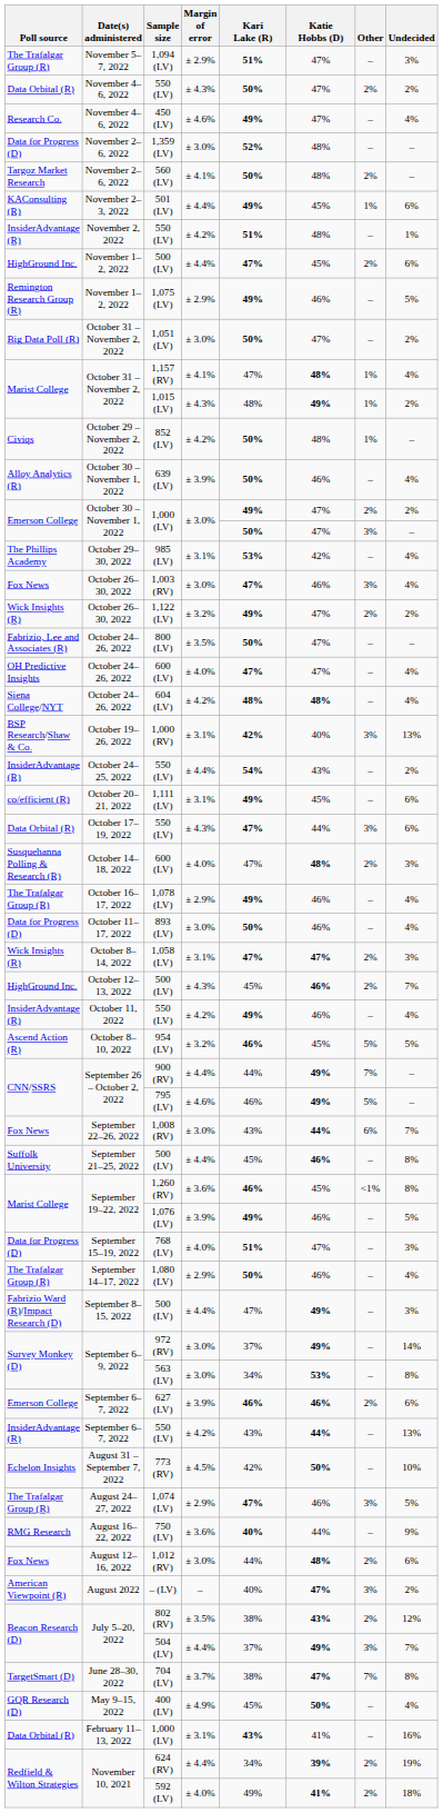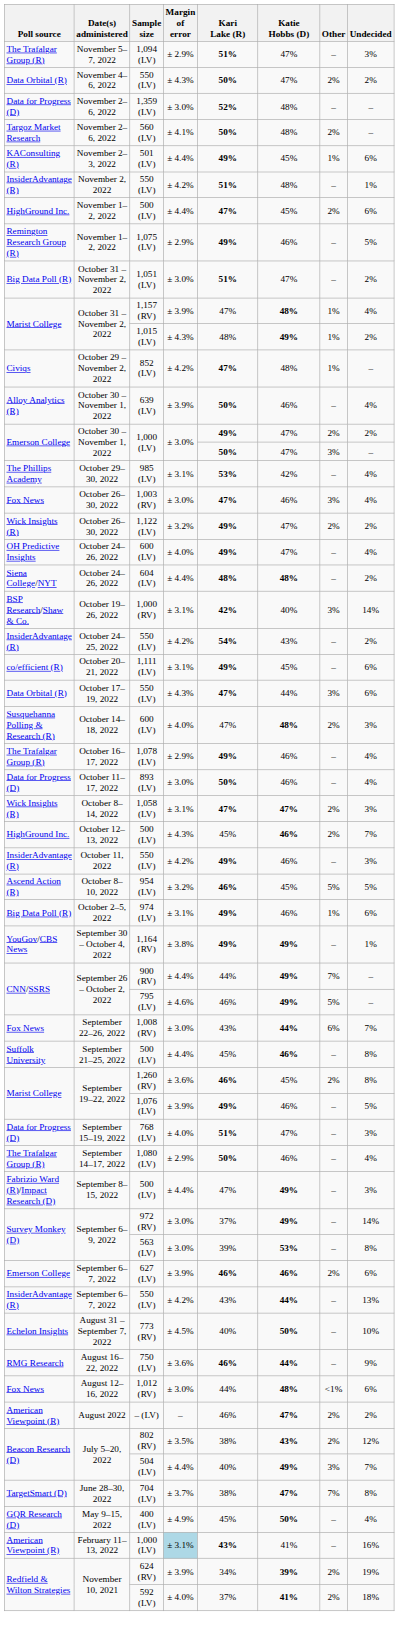 <table class="wikitable" style="font-size:90%;text-align:center;">
 <tr valign=bottom>
 <th>Poll source</th>
 <th>Date(s)<br>administered</th>
 <th>Sample<br>size</th>
 <th>Margin<br>of error</th>
 <th style="width:100px;">Kari<br>Lake (R)</th>
 <th style="width:100px;">Katie<br>Hobbs (D)</th>
 <th>Other</th>
 <th>Undecided</th>
 </tr>
 <tr>
 <td style="text-align:left;"><a href='#'>The Trafalgar Group (R)</a></td>
 <td>November 5–7, 2022</td>
 <td>1,094 (LV)</td>
 <td>± 2.9%</td>
 <td><strong>51%</strong></td>
 <td>47%</td>
 <td>–</td>
 <td>3%</td>
 </tr>
 <tr>
 <td style="text-align:left;"><a href='#'>Data Orbital (R)</a></td>
 <td>November 4–6, 2022</td>
 <td>550 (LV)</td>
 <td>± 4.3%</td>
 <td><strong>50%</strong></td>
 <td>47%</td>
 <td>2%</td>
 <td>2%</td>
-</tr>
-<tr>
-<td style="text-align:left;"><a href='#'>Research Co.</a></td>
-<td>November 4–6, 2022</td>
-<td>450 (LV)</td>
-<td>± 4.6%</td>
-<td><strong>49%</strong></td>
-<td>47%</td>
-<td>–</td>
-<td>4%</td>
 </tr>
 <tr>
 <td style="text-align:left;"><a href='#'>Data for Progress (D)</a></td>
 <td>November 2–6, 2022</td>
 <td>1,359 (LV)</td>
 <td>± 3.0%</td>
 <td><strong>52%</strong></td>
 <td>48%</td>
 <td>–</td>
 <td>–</td>
 </tr>
 <tr>
 <td style="text-align:left;"><a href='#'>Targoz Market Research</a></td>
 <td>November 2–6, 2022</td>
 <td>560 (LV)</td>
 <td>± 4.1%</td>
 <td><strong>50%</strong></td>
 <td>48%</td>
 <td>2%</td>
 <td>–</td>
 </tr>
 <tr>
 <td style="text-align:left;"><a href='#'>KAConsulting (R)</a></td>
 <td>November 2–3, 2022</td>
 <td>501 (LV)</td>
 <td>± 4.4%</td>
 <td><strong>49%</strong></td>
 <td>45%</td>
 <td>1%</td>
 <td>6%</td>
 </tr>
 <tr>
 <td style="text-align:left;"><a href='#'>InsiderAdvantage (R)</a></td>
 <td>November 2, 2022</td>
 <td>550 (LV)</td>
 <td>± 4.2%</td>
 <td><strong>51%</strong></td>
 <td>48%</td>
 <td>–</td>
 <td>1%</td>
 </tr>
 <tr>
 <td style="text-align:left;"><a href='#'>HighGround Inc.</a></td>
 <td>November 1–2, 2022</td>
 <td>500 (LV)</td>
 <td>± 4.4%</td>
 <td><strong>47%</strong></td>
 <td>45%</td>
 <td>2%</td>
 <td>6%</td>
 </tr>
 <tr>
 <td style="text-align:left;"><a href='#'>Remington Research Group (R)</a></td>
 <td>November 1–2, 2022</td>
 <td>1,075 (LV)</td>
 <td>± 2.9%</td>
 <td><strong>49%</strong></td>
 <td>46%</td>
 <td>–</td>
 <td>5%</td>
 </tr>
 <tr>
 <td style="text-align:left;"><a href='#'>Big Data Poll (R)</a></td>
 <td>October 31 – November 2, 2022</td>
 <td>1,051 (LV)</td>
 <td>± 3.0%</td>
-<td><strong>50%</strong></td>
+<td><strong>51%</strong></td>
 <td>47%</td>
 <td>–</td>
 <td>2%</td>
 </tr>
 <tr>
 <td style="text-align:left;" rowspan="2"><a href='#'>Marist College</a></td>
 <td rowspan="2">October 31 – November 2, 2022</td>
 <td>1,157 (RV)</td>
-<td>± 4.1%</td>
+<td>± 3.9%</td>
 <td>47%</td>
 <td><strong>48%</strong></td>
 <td>1%</td>
 <td>4%</td>
 </tr>
 <tr>
 <td>1,015 (LV)</td>
 <td>± 4.3%</td>
 <td>48%</td>
 <td><strong>49%</strong></td>
 <td>1%</td>
 <td>2%</td>
 </tr>
 <tr>
 <td style="text-align:left;"><a href='#'>Civiqs</a></td>
 <td>October 29 – November 2, 2022</td>
 <td>852 (LV)</td>
 <td>± 4.2%</td>
-<td><strong>50%</strong></td>
+<td><strong>47%</strong></td>
 <td>48%</td>
 <td>1%</td>
 <td>–</td>
 </tr>
 <tr>
 <td style="text-align:left;"><a href='#'>Alloy Analytics (R)</a></td>
 <td>October 30 – November 1, 2022</td>
 <td>639 (LV)</td>
 <td>± 3.9%</td>
 <td><strong>50%</strong></td>
 <td>46%</td>
 <td>–</td>
 <td>4%</td>
 </tr>
 <tr>
 <td style="text-align:left;" rowspan="2"><a href='#'>Emerson College</a></td>
 <td rowspan="2">October 30 – November 1, 2022</td>
 <td rowspan="2">1,000 (LV)</td>
 <td rowspan="2">± 3.0%</td>
 <td><strong>49%</strong></td>
 <td>47%</td>
 <td>2%</td>
 <td>2%</td>
 </tr>
 <tr>
 <td><strong>50%</strong></td>
 <td>47%</td>
 <td>3%</td>
 <td>–</td>
 </tr>
 <tr>
 <td style="text-align:left;"><a href='#'>The Phillips Academy</a></td>
 <td>October 29–30, 2022</td>
 <td>985 (LV)</td>
 <td>± 3.1%</td>
 <td><strong>53%</strong></td>
 <td>42%</td>
 <td>–</td>
 <td>4%</td>
 </tr>
 <tr>
 <td style="text-align:left;"><a href='#'>Fox News</a></td>
 <td>October 26–30, 2022</td>
 <td>1,003 (RV)</td>
 <td>± 3.0%</td>
 <td><strong>47%</strong></td>
 <td>46%</td>
 <td>3%</td>
 <td>4%</td>
 </tr>
 <tr>
 <td style="text-align:left;"><a href='#'>Wick Insights (R)</a></td>
 <td>October 26–30, 2022</td>
 <td>1,122 (LV)</td>
 <td>± 3.2%</td>
 <td><strong>49%</strong></td>
 <td>47%</td>
 <td>2%</td>
 <td>2%</td>
 </tr>
 <tr>
-<td style="text-align:left;"><a href='#'>Fabrizio, Lee and Associates (R)</a></td>
-<td>October 24–26, 2022</td>
-<td>800 (LV)</td>
-<td>± 3.5%</td>
-<td><strong>50%</strong></td>
-<td>47%</td>
-<td>–</td>
-<td>–</td>
-</tr>
-<tr>
 <td style="text-align:left;"><a href='#'>OH Predictive Insights</a></td>
 <td>October 24–26, 2022</td>
 <td>600 (LV)</td>
 <td>± 4.0%</td>
-<td><strong>47%</strong></td>
+<td><strong>49%</strong></td>
 <td>47%</td>
 <td>–</td>
 <td>4%</td>
 </tr>
 <tr>
 <td style="text-align:left;"><a href='#'>Siena College</a>/<a href='#'>NYT</a></td>
 <td>October 24–26, 2022</td>
 <td>604 (LV)</td>
-<td>± 4.2%</td>
+<td>± 4.4%</td>
 <td><strong>48%</strong></td>
 <td><strong>48%</strong></td>
 <td>–</td>
-<td>4%</td>
+<td>2%</td>
 </tr>
 <tr>
 <td style="text-align:left;"><a href='#'>BSP Research</a>/<a href='#'>Shaw & Co.</a></td>
 <td>October 19–26, 2022</td>
 <td>1,000 (RV)</td>
 <td>± 3.1%</td>
 <td><strong>42%</strong></td>
 <td>40%</td>
 <td>3%</td>
-<td>13%</td>
+<td>14%</td>
 </tr>
 <tr>
 <td style="text-align:left;"><a href='#'>InsiderAdvantage (R)</a></td>
 <td>October 24–25, 2022</td>
 <td>550 (LV)</td>
-<td>± 4.4%</td>
+<td>± 4.2%</td>
 <td><strong>54%</strong></td>
 <td>43%</td>
 <td>–</td>
 <td>2%</td>
 </tr>
 <tr>
 <td style="text-align:left;"><a href='#'>co/efficient (R)</a></td>
 <td>October 20–21, 2022</td>
 <td>1,111 (LV)</td>
 <td>± 3.1%</td>
 <td><strong>49%</strong></td>
 <td>45%</td>
 <td>–</td>
 <td>6%</td>
 </tr>
 <tr>
 <td style="text-align:left;"><a href='#'>Data Orbital (R)</a></td>
 <td>October 17–19, 2022</td>
 <td>550 (LV)</td>
 <td>± 4.3%</td>
 <td><strong>47%</strong></td>
 <td>44%</td>
 <td>3%</td>
 <td>6%</td>
 </tr>
 <tr>
 <td style="text-align:left;"><a href='#'>Susquehanna Polling & Research (R)</a></td>
 <td>October 14–18, 2022</td>
 <td>600 (LV)</td>
 <td>± 4.0%</td>
 <td>47%</td>
 <td><strong>48%</strong></td>
 <td>2%</td>
 <td>3%</td>
 </tr>
 <tr>
 <td style="text-align:left;"><a href='#'>The Trafalgar Group (R)</a></td>
 <td>October 16–17, 2022</td>
 <td>1,078 (LV)</td>
 <td>± 2.9%</td>
 <td><strong>49%</strong></td>
 <td>46%</td>
 <td>–</td>
 <td>4%</td>
 </tr>
 <tr>
 <td style="text-align:left;"><a href='#'>Data for Progress (D)</a></td>
 <td>October 11–17, 2022</td>
 <td>893 (LV)</td>
 <td>± 3.0%</td>
 <td><strong>50%</strong></td>
 <td>46%</td>
 <td>–</td>
 <td>4%</td>
 </tr>
 <tr>
 <td style="text-align:left;"><a href='#'>Wick Insights (R)</a></td>
 <td>October 8–14, 2022</td>
 <td>1,058 (LV)</td>
 <td>± 3.1%</td>
 <td><strong>47%</strong></td>
 <td><strong>47%</strong></td>
 <td>2%</td>
 <td>3%</td>
 </tr>
 <tr>
 <td style="text-align:left;"><a href='#'>HighGround Inc.</a></td>
 <td>October 12–13, 2022</td>
 <td>500 (LV)</td>
 <td>± 4.3%</td>
 <td>45%</td>
 <td><strong>46%</strong></td>
 <td>2%</td>
 <td>7%</td>
 </tr>
 <tr>
 <td style="text-align:left;"><a href='#'>InsiderAdvantage (R)</a></td>
 <td>October 11, 2022</td>
 <td>550 (LV)</td>
 <td>± 4.2%</td>
 <td><strong>49%</strong></td>
 <td>46%</td>
 <td>–</td>
-<td>4%</td>
+<td>3%</td>
 </tr>
 <tr>
 <td style="text-align:left;"><a href='#'>Ascend Action (R)</a></td>
 <td>October 8–10, 2022</td>
 <td>954 (LV)</td>
 <td>± 3.2%</td>
 <td><strong>46%</strong></td>
 <td>45%</td>
 <td>5%</td>
 <td>5%</td>
+</tr>
+<tr>
+<td style="text-align:left;"><a href='#'>Big Data Poll (R)</a></td>
+<td>October 2–5, 2022</td>
+<td>974 (LV)</td>
+<td>± 3.1%</td>
+<td><strong>49%</strong></td>
+<td>46%</td>
+<td>1%</td>
+<td>6%</td>
+</tr>
+<tr>
+<td style="text-align:left;"><a href='#'>YouGov</a>/<a href='#'>CBS News</a></td>
+<td>September 30 – October 4, 2022</td>
+<td>1,164 (RV)</td>
+<td>± 3.8%</td>
+<td><strong>49%</strong></td>
+<td><strong>49%</strong></td>
+<td>–</td>
+<td>1%</td>
 </tr>
 <tr>
 <td style="text-align:left;" rowspan="2"><a href='#'>CNN</a>/<a href='#'>SSRS</a></td>
 <td rowspan="2">September 26 – October 2, 2022</td>
 <td>900 (RV)</td>
 <td>± 4.4%</td>
 <td>44%</td>
 <td><strong>49%</strong></td>
 <td>7%</td>
 <td>–</td>
 </tr>
 <tr>
 <td>795 (LV)</td>
 <td>± 4.6%</td>
 <td>46%</td>
 <td><strong>49%</strong></td>
 <td>5%</td>
 <td>–</td>
 </tr>
 <tr>
 <td style="text-align:left;"><a href='#'>Fox News</a></td>
 <td>September 22–26, 2022</td>
 <td>1,008 (RV)</td>
 <td>± 3.0%</td>
 <td>43%</td>
 <td><strong>44%</strong></td>
 <td>6%</td>
 <td>7%</td>
 </tr>
 <tr>
 <td style="text-align:left;"><a href='#'>Suffolk University</a></td>
 <td>September 21–25, 2022</td>
 <td>500 (LV)</td>
 <td>± 4.4%</td>
 <td>45%</td>
 <td><strong>46%</strong></td>
 <td>–</td>
 <td>8%</td>
 </tr>
 <tr>
 <td style="text-align:left;" rowspan="2"><a href='#'>Marist College</a></td>
 <td rowspan="2">September 19–22, 2022</td>
 <td>1,260 (RV)</td>
 <td>± 3.6%</td>
 <td><strong>46%</strong></td>
 <td>45%</td>
-<td><1%</td>
+<td>2%</td>
 <td>8%</td>
 </tr>
 <tr>
 <td>1,076 (LV)</td>
 <td>± 3.9%</td>
 <td><strong>49%</strong></td>
 <td>46%</td>
 <td>–</td>
 <td>5%</td>
 </tr>
 <tr>
 <td style="text-align:left;"><a href='#'>Data for Progress (D)</a></td>
 <td>September 15–19, 2022</td>
 <td>768 (LV)</td>
 <td>± 4.0%</td>
 <td><strong>51%</strong></td>
 <td>47%</td>
 <td>–</td>
 <td>3%</td>
 </tr>
 <tr>
 <td style="text-align:left;'"><a href='#'>The Trafalgar Group (R)</a></td>
 <td>September 14–17, 2022</td>
 <td>1,080 (LV)</td>
 <td>± 2.9%</td>
 <td><strong>50%</strong></td>
 <td>46%</td>
 <td>–</td>
 <td>4%</td>
 </tr>
 <tr>
 <td style="text-align:left;"><a href='#'>Fabrizio Ward (R)</a>/<a href='#'>Impact Research (D)</a></td>
 <td>September 8–15, 2022</td>
 <td>500 (LV)</td>
 <td>± 4.4%</td>
 <td>47%</td>
 <td><strong>49%</strong></td>
 <td>–</td>
 <td>3%</td>
 </tr>
 <tr>
 <td style="text-align:left;" rowspan="2"><a href='#'>Survey Monkey (D)</a></td>
 <td rowspan="2">September 6–9, 2022</td>
 <td>972 (RV)</td>
 <td>± 3.0%</td>
 <td>37%</td>
 <td><strong>49%</strong></td>
 <td>–</td>
 <td>14%</td>
 </tr>
 <tr>
 <td>563 (LV)</td>
 <td>± 3.0%</td>
-<td>34%</td>
+<td>39%</td>
 <td><strong>53%</strong></td>
 <td>–</td>
 <td>8%</td>
 </tr>
 <tr>
 <td style="text-align:left;"><a href='#'>Emerson College</a></td>
 <td>September 6–7, 2022</td>
 <td>627 (LV)</td>
 <td>± 3.9%</td>
 <td><strong>46%</strong></td>
 <td><strong>46%</strong></td>
 <td>2%</td>
 <td>6%</td>
 </tr>
 <tr>
 <td style="text-align:left;"><a href='#'>InsiderAdvantage (R)</a></td>
 <td>September 6–7, 2022</td>
 <td>550 (LV)</td>
 <td>± 4.2%</td>
 <td>43%</td>
 <td><strong>44%</strong></td>
 <td>–</td>
 <td>13%</td>
 </tr>
 <tr>
 <td style="text-align:left;"><a href='#'>Echelon Insights</a></td>
 <td>August 31 – September 7, 2022</td>
 <td>773 (RV)</td>
 <td>± 4.5%</td>
-<td>42%</td>
+<td>40%</td>
 <td><strong>50%</strong></td>
 <td>–</td>
 <td>10%</td>
-</tr>
-<tr>
-<td style="text-align:left;"><a href='#'>The Trafalgar Group (R)</a></td>
-<td>August 24–27, 2022</td>
-<td>1,074 (LV)</td>
-<td>± 2.9%</td>
-<td><strong>47%</strong></td>
-<td>46%</td>
-<td>3%</td>
-<td>5%</td>
 </tr>
 <tr>
 <td style="text-align:left;"><a href='#'>RMG Research</a></td>
 <td>August 16–22, 2022</td>
 <td>750 (LV)</td>
 <td>± 3.6%</td>
-<td><strong>40%</strong></td>
-<td>44%</td>
+<td><strong>46%</strong></td>
+<td><strong>44%</strong></td>
 <td>–</td>
 <td>9%</td>
 </tr>
 <tr>
 <td style="text-align:left;"><a href='#'>Fox News</a></td>
 <td>August 12–16, 2022</td>
 <td>1,012 (RV)</td>
 <td>± 3.0%</td>
 <td>44%</td>
 <td><strong>48%</strong></td>
-<td>2%</td>
+<td><1%</td>
 <td>6%</td>
 </tr>
 <tr>
 <td style="text-align:left;"><a href='#'>American Viewpoint (R)</a></td>
 <td>August 2022</td>
 <td>– (LV)</td>
 <td>–</td>
-<td>40%</td>
+<td>46%</td>
 <td><strong>47%</strong></td>
-<td>3%</td>
+<td>2%</td>
 <td>2%</td>
 </tr>
 <tr>
 <td style="text-align:left;" rowspan="2"><a href='#'>Beacon Research (D)</a></td>
 <td rowspan="2">July 5–20, 2022</td>
 <td>802 (RV)</td>
 <td>± 3.5%</td>
 <td>38%</td>
 <td><strong>43%</strong></td>
 <td>2%</td>
 <td>12%</td>
 </tr>
 <tr>
 <td>504 (LV)</td>
 <td>± 4.4%</td>
-<td>37%</td>
+<td>40%</td>
 <td><strong>49%</strong></td>
 <td>3%</td>
 <td>7%</td>
 </tr>
 <tr>
 <td style="text-align:left;"><a href='#'>TargetSmart (D)</a></td>
 <td>June 28–30, 2022</td>
 <td>704 (LV)</td>
 <td>± 3.7%</td>
 <td>38%</td>
 <td><strong>47%</strong></td>
 <td>7%</td>
 <td>8%</td>
 </tr>
 <tr>
 <td style="text-align:left;"><a href='#'>GQR Research (D)</a></td>
 <td>May 9–15, 2022</td>
 <td>400 (LV)</td>
 <td>± 4.9%</td>
 <td>45%</td>
 <td><strong>50%</strong></td>
 <td>–</td>
 <td>4%</td>
 </tr>
 <tr>
-<td style="text-align:left;"><a href='#'>Data Orbital (R)</a></td>
+<td style="text-align:left;"><a href='#'>American Viewpoint (R)</a></td>
 <td>February 11–13, 2022</td>
 <td>1,000 (LV)</td>
-<td>± 3.1%</td>
+<td style="background: lightblue;">± 3.1%</td>
 <td><strong>43%</strong></td>
 <td>41%</td>
 <td>–</td>
 <td>16%</td>
 </tr>
 <tr>
 <td style="text-align:left;" rowspan="2"><a href='#'>Redfield & Wilton Strategies</a></td>
 <td rowspan="2">November 10, 2021</td>
 <td>624 (RV)</td>
-<td>± 4.4%</td>
+<td>± 3.9%</td>
 <td>34%</td>
 <td><strong>39%</strong></td>
 <td>2%</td>
 <td>19%</td>
 </tr>
 <tr>
 <td>592 (LV)</td>
 <td>± 4.0%</td>
-<td>49%</td>
+<td>37%</td>
 <td><strong>41%</strong></td>
 <td>2%</td>
 <td>18%</td>
 </tr>
 </table>
